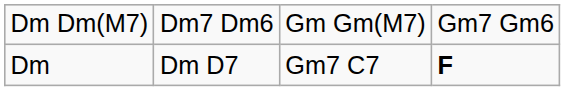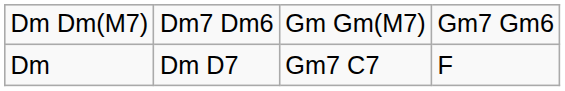 <table class="wikitable">
 <tr>
 <td>Dm Dm(M7)</td>
 <td>Dm7 Dm6</td>
 <td>Gm Gm(M7)</td>
 <td>Gm7 Gm6</td>
 </tr>
 <tr>
 <td>Dm</td>
 <td>Dm  D7</td>
 <td>Gm7 C7</td>
-<td><strong>F</strong></td>
+<td>F</td>
 </tr>
 </table>
